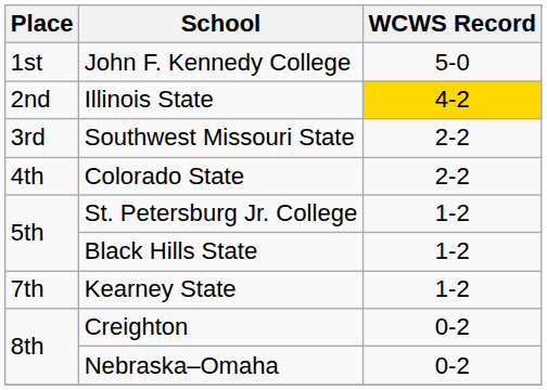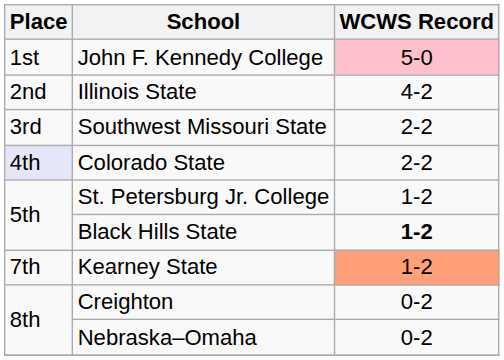 <table class="wikitable">
 <tr>
 <th>Place</th>
 <th>School</th>
 <th align="center">WCWS Record</th>
 </tr>
 <tr>
 <td>1st</td>
 <td>John F. Kennedy College</td>
-<td align="center">5-0</td>
+<td align="center" style="background: pink;">5-0</td>
 </tr>
 <tr>
 <td>2nd</td>
 <td>Illinois State</td>
-<td align="center" style="background: gold;">4-2</td>
+<td align="center">4-2</td>
 </tr>
 <tr>
 <td>3rd</td>
 <td>Southwest Missouri State</td>
 <td align="center">2-2</td>
 </tr>
 <tr>
-<td>4th</td>
+<td style="background: lavender;">4th</td>
 <td>Colorado State</td>
 <td align="center">2-2</td>
 </tr>
 <tr>
 <td rowspan="2">5th</td>
 <td>St. Petersburg Jr. College</td>
 <td align="center">1-2</td>
 </tr>
 <tr>
 <td>Black Hills State</td>
-<td align="center">1-2</td>
+<td align="center"><strong>1-2</strong></td>
 </tr>
 <tr>
 <td>7th</td>
 <td>Kearney State</td>
-<td align="center">1-2</td>
+<td align="center" style="background: lightsalmon;">1-2</td>
 </tr>
 <tr>
 <td rowspan="2">8th</td>
 <td>Creighton</td>
 <td align="center">0-2</td>
 </tr>
 <tr>
 <td>Nebraska–Omaha</td>
 <td align="center">0-2</td>
 </tr>
 <tr>
 </tr>
 </table>
